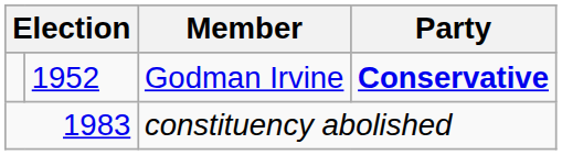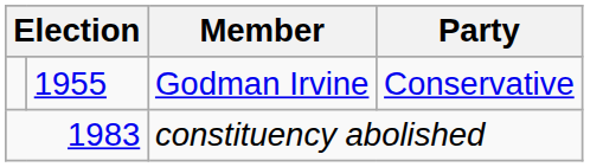 <table class="wikitable">
 <tr>
 <th colspan="2">Election</th>
 <th>Member</th>
 <th>Party</th>
 </tr>
 <tr>
 <td style="color:inherit;background-color: "></td>
-<td><a href='#'>1952</a></td>
+<td><a href='#'>1955</a></td>
 <td><a href='#'>Godman Irvine</a></td>
-<td><strong><a href='#'>Conservative</a></strong></td>
+<td><a href='#'>Conservative</a></td>
 </tr>
 <tr>
 <td colspan="2" style="text-align:right;"><a href='#'>1983</a></td>
 <td colspan="2"><em>constituency abolished</em></td>
 </tr>
 </table>
